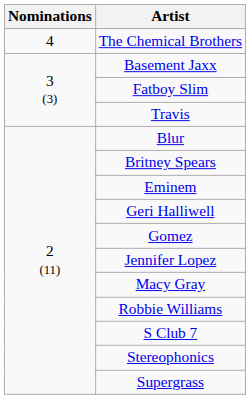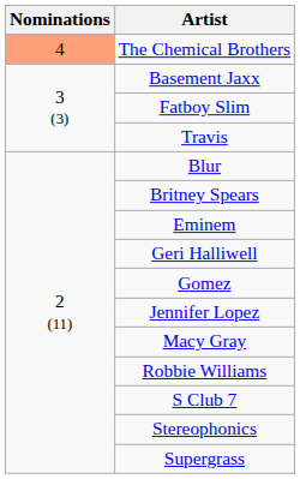 <table class="wikitable" rowspan="2" style="text-align:center;">
 <tr>
 <th scope="col" style="width:55px;">Nominations</th>
 <th scope="col" style="text-align:center;">Artist</th>
 </tr>
 <tr>
-<td>4</td>
+<td style="background: lightsalmon;">4</td>
 <td><a href='#'>The Chemical Brothers</a></td>
 </tr>
 <tr>
 <td rowspan="3">3<br><small>(3)</small></td>
 <td><a href='#'>Basement Jaxx</a></td>
 </tr>
 <tr>
 <td><a href='#'>Fatboy Slim</a></td>
 </tr>
 <tr>
 <td><a href='#'>Travis</a></td>
 </tr>
 <tr>
 <td rowspan="11">2<br><small>(11)</small></td>
 <td><a href='#'>Blur</a></td>
 </tr>
 <tr>
 <td><a href='#'>Britney Spears</a></td>
 </tr>
 <tr>
 <td><a href='#'>Eminem</a></td>
 </tr>
 <tr>
 <td><a href='#'>Geri Halliwell</a></td>
 </tr>
 <tr>
 <td><a href='#'>Gomez</a></td>
 </tr>
 <tr>
 <td><a href='#'>Jennifer Lopez</a></td>
 </tr>
 <tr>
 <td><a href='#'>Macy Gray</a></td>
 </tr>
 <tr>
 <td><a href='#'>Robbie Williams</a></td>
 </tr>
 <tr>
 <td><a href='#'>S Club 7</a></td>
 </tr>
 <tr>
 <td><a href='#'>Stereophonics</a></td>
 </tr>
 <tr>
 <td><a href='#'>Supergrass</a></td>
 </tr>
 </table>
